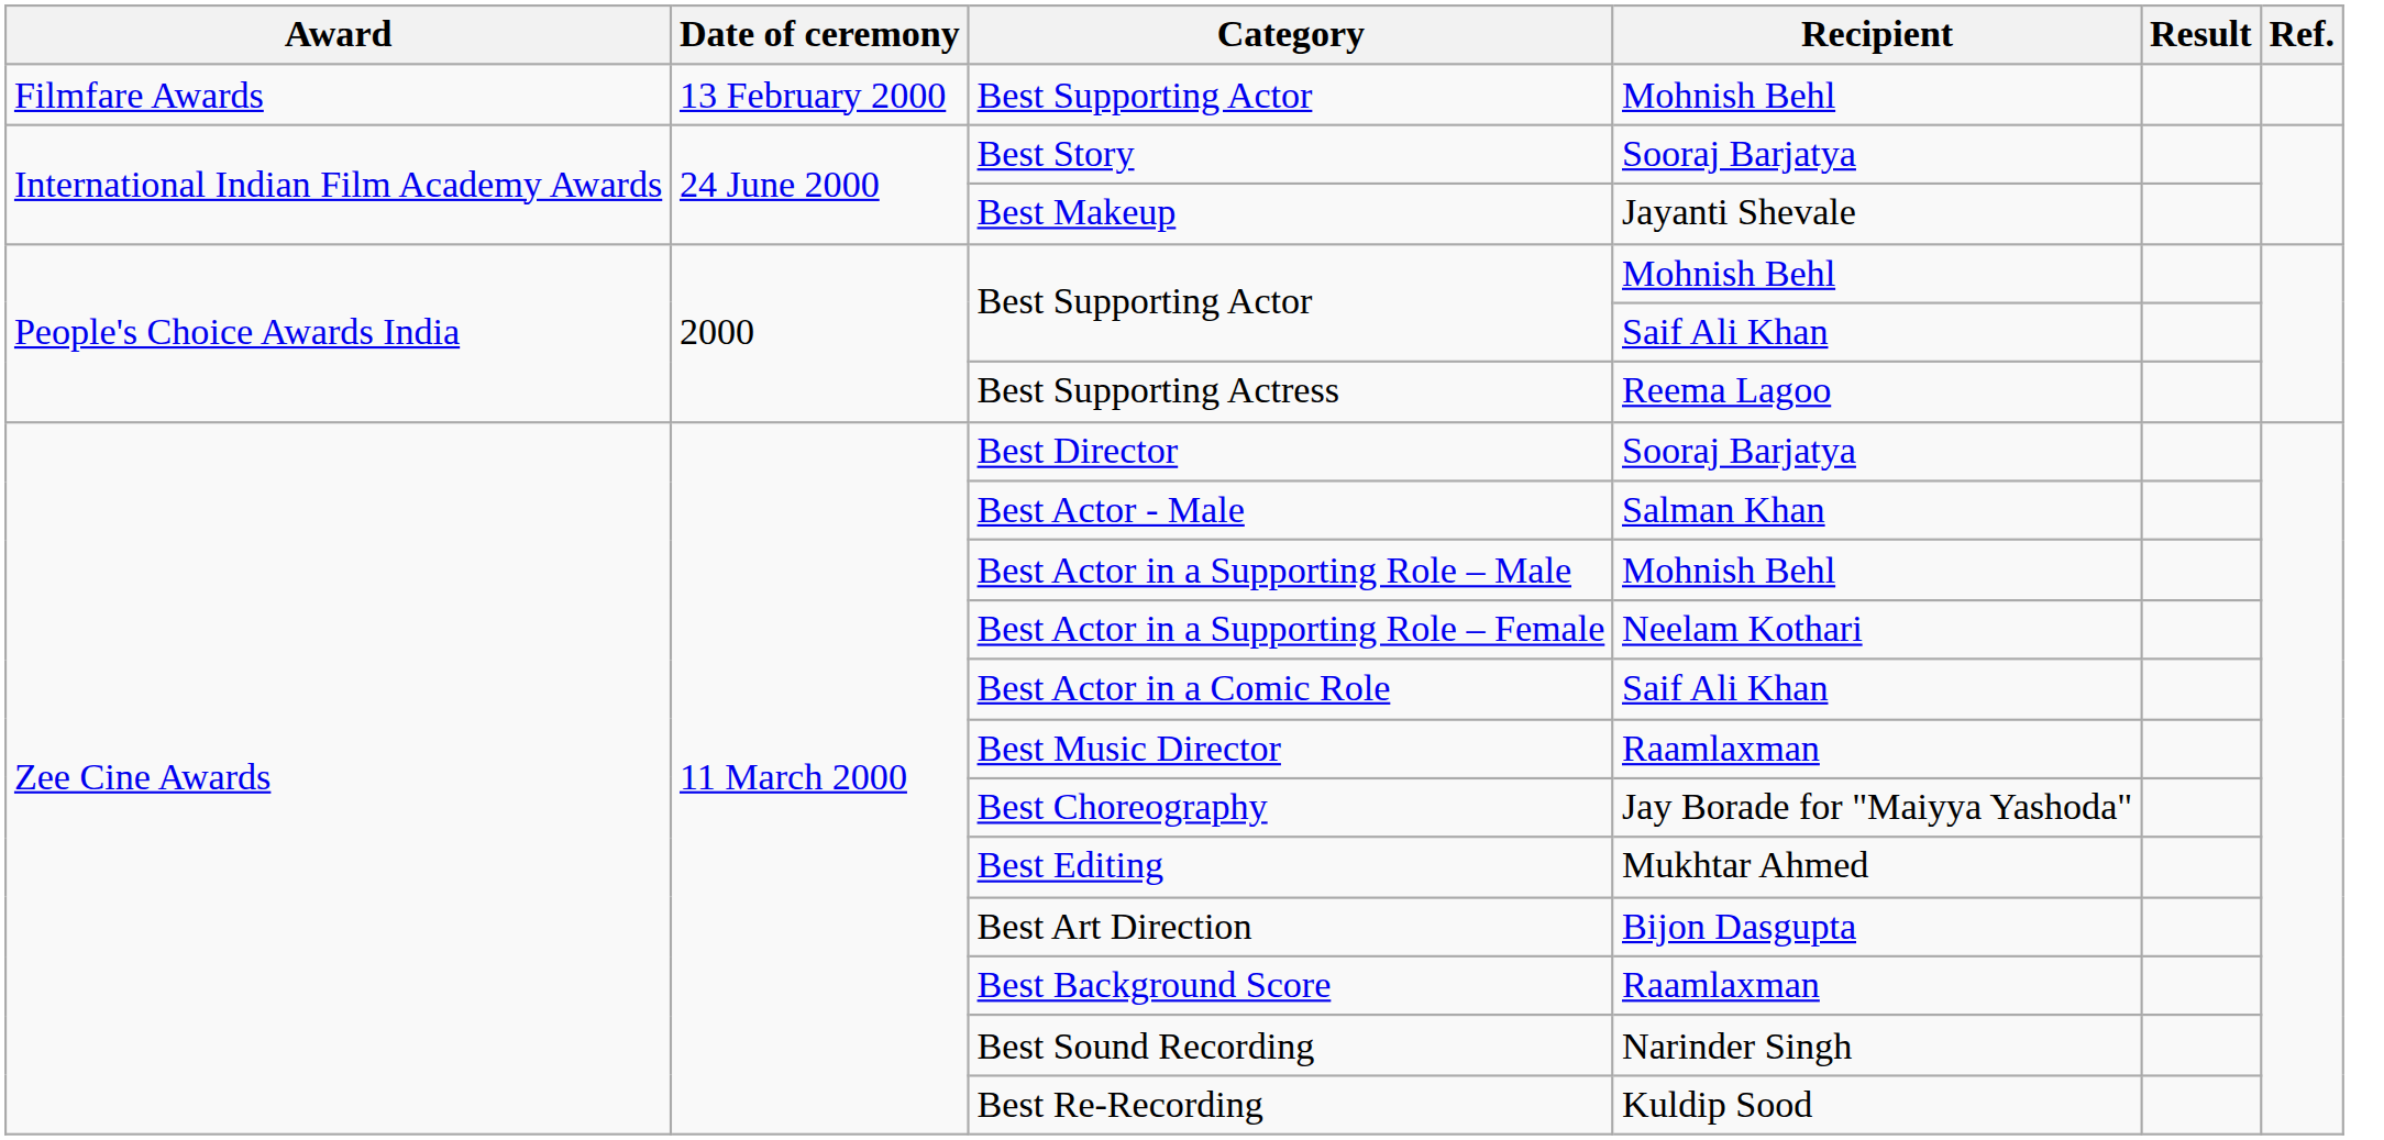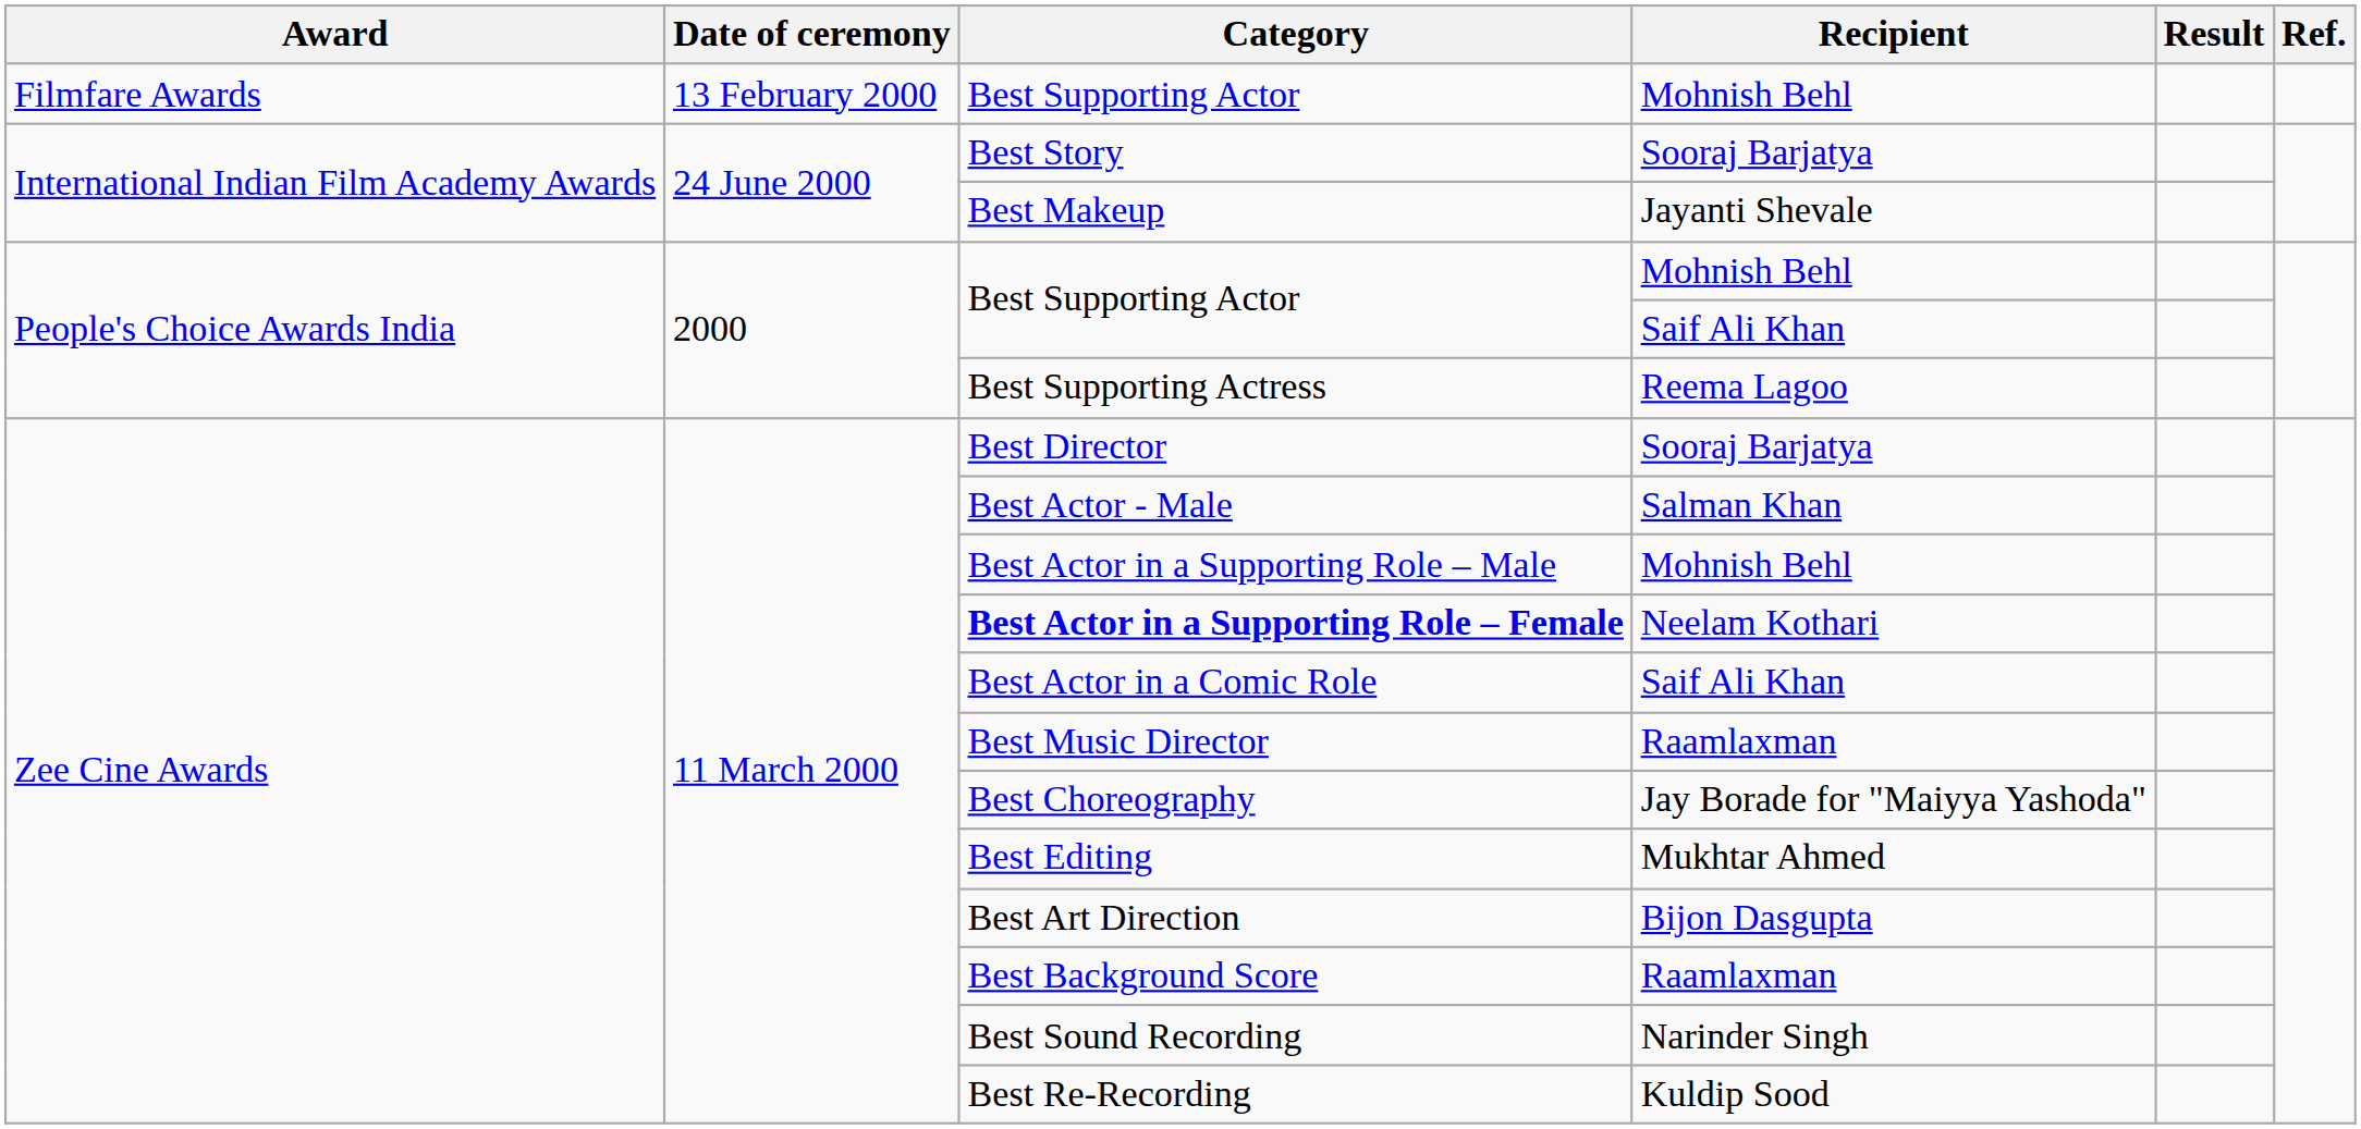 <table class="wikitable plainrowheaders">
 <tr>
 <th>Award</th>
 <th>Date of ceremony</th>
 <th>Category</th>
 <th>Recipient</th>
 <th>Result</th>
 <th>Ref.</th>
 </tr>
 <tr>
 <td><a href='#'>Filmfare Awards</a></td>
 <td><a href='#'>13 February 2000</a></td>
 <td><a href='#'>Best Supporting Actor</a></td>
 <td><a href='#'>Mohnish Behl</a></td>
 <td></td>
 <td></td>
 </tr>
 <tr>
 <td rowspan="2"><a href='#'>International Indian Film Academy Awards</a></td>
 <td rowspan="2"><a href='#'>24 June 2000</a></td>
 <td><a href='#'>Best Story</a></td>
 <td><a href='#'>Sooraj Barjatya</a></td>
 <td></td>
 <td rowspan="2"></td>
 </tr>
 <tr>
 <td><a href='#'>Best Makeup</a></td>
 <td>Jayanti Shevale</td>
 <td></td>
 </tr>
 <tr>
 <td rowspan="3"><a href='#'>People's Choice Awards India</a></td>
 <td rowspan="3">2000</td>
 <td rowspan="2">Best Supporting Actor</td>
 <td><a href='#'>Mohnish Behl</a></td>
 <td></td>
 <td rowspan="3"></td>
 </tr>
 <tr>
 <td><a href='#'>Saif Ali Khan</a></td>
 <td></td>
 </tr>
 <tr>
 <td>Best Supporting Actress</td>
 <td><a href='#'>Reema Lagoo</a></td>
 <td></td>
 </tr>
 <tr>
 <td rowspan="12"><a href='#'>Zee Cine Awards</a></td>
 <td rowspan="12"><a href='#'>11 March 2000</a></td>
 <td><a href='#'>Best Director</a></td>
 <td><a href='#'>Sooraj Barjatya</a></td>
 <td></td>
 <td rowspan="12"></td>
 </tr>
 <tr>
 <td><a href='#'>Best Actor - Male</a></td>
 <td><a href='#'>Salman Khan</a></td>
 <td></td>
 </tr>
 <tr>
 <td><a href='#'>Best Actor in a Supporting Role – Male</a></td>
 <td><a href='#'>Mohnish Behl</a></td>
 <td></td>
 </tr>
 <tr>
-<td><a href='#'>Best Actor in a Supporting Role – Female</a></td>
+<td><strong><a href='#'>Best Actor in a Supporting Role – Female</a></strong></td>
 <td><a href='#'>Neelam Kothari</a></td>
 <td></td>
 </tr>
 <tr>
 <td><a href='#'>Best Actor in a Comic Role</a></td>
 <td><a href='#'>Saif Ali Khan</a></td>
 <td></td>
 </tr>
 <tr>
 <td><a href='#'>Best Music Director</a></td>
 <td><a href='#'>Raamlaxman</a></td>
 <td></td>
 </tr>
 <tr>
 <td><a href='#'>Best Choreography</a></td>
 <td>Jay Borade for "Maiyya Yashoda"</td>
 <td></td>
 </tr>
 <tr>
 <td><a href='#'>Best Editing</a></td>
 <td>Mukhtar Ahmed</td>
 <td></td>
 </tr>
 <tr>
 <td>Best Art Direction</td>
 <td><a href='#'>Bijon Dasgupta</a></td>
 <td></td>
 </tr>
 <tr>
 <td><a href='#'>Best Background Score</a></td>
 <td><a href='#'>Raamlaxman</a></td>
 <td></td>
 </tr>
 <tr>
 <td>Best Sound Recording</td>
 <td>Narinder Singh</td>
 <td></td>
 </tr>
 <tr>
 <td>Best Re-Recording</td>
 <td>Kuldip Sood</td>
 <td></td>
 </tr>
 </table>
